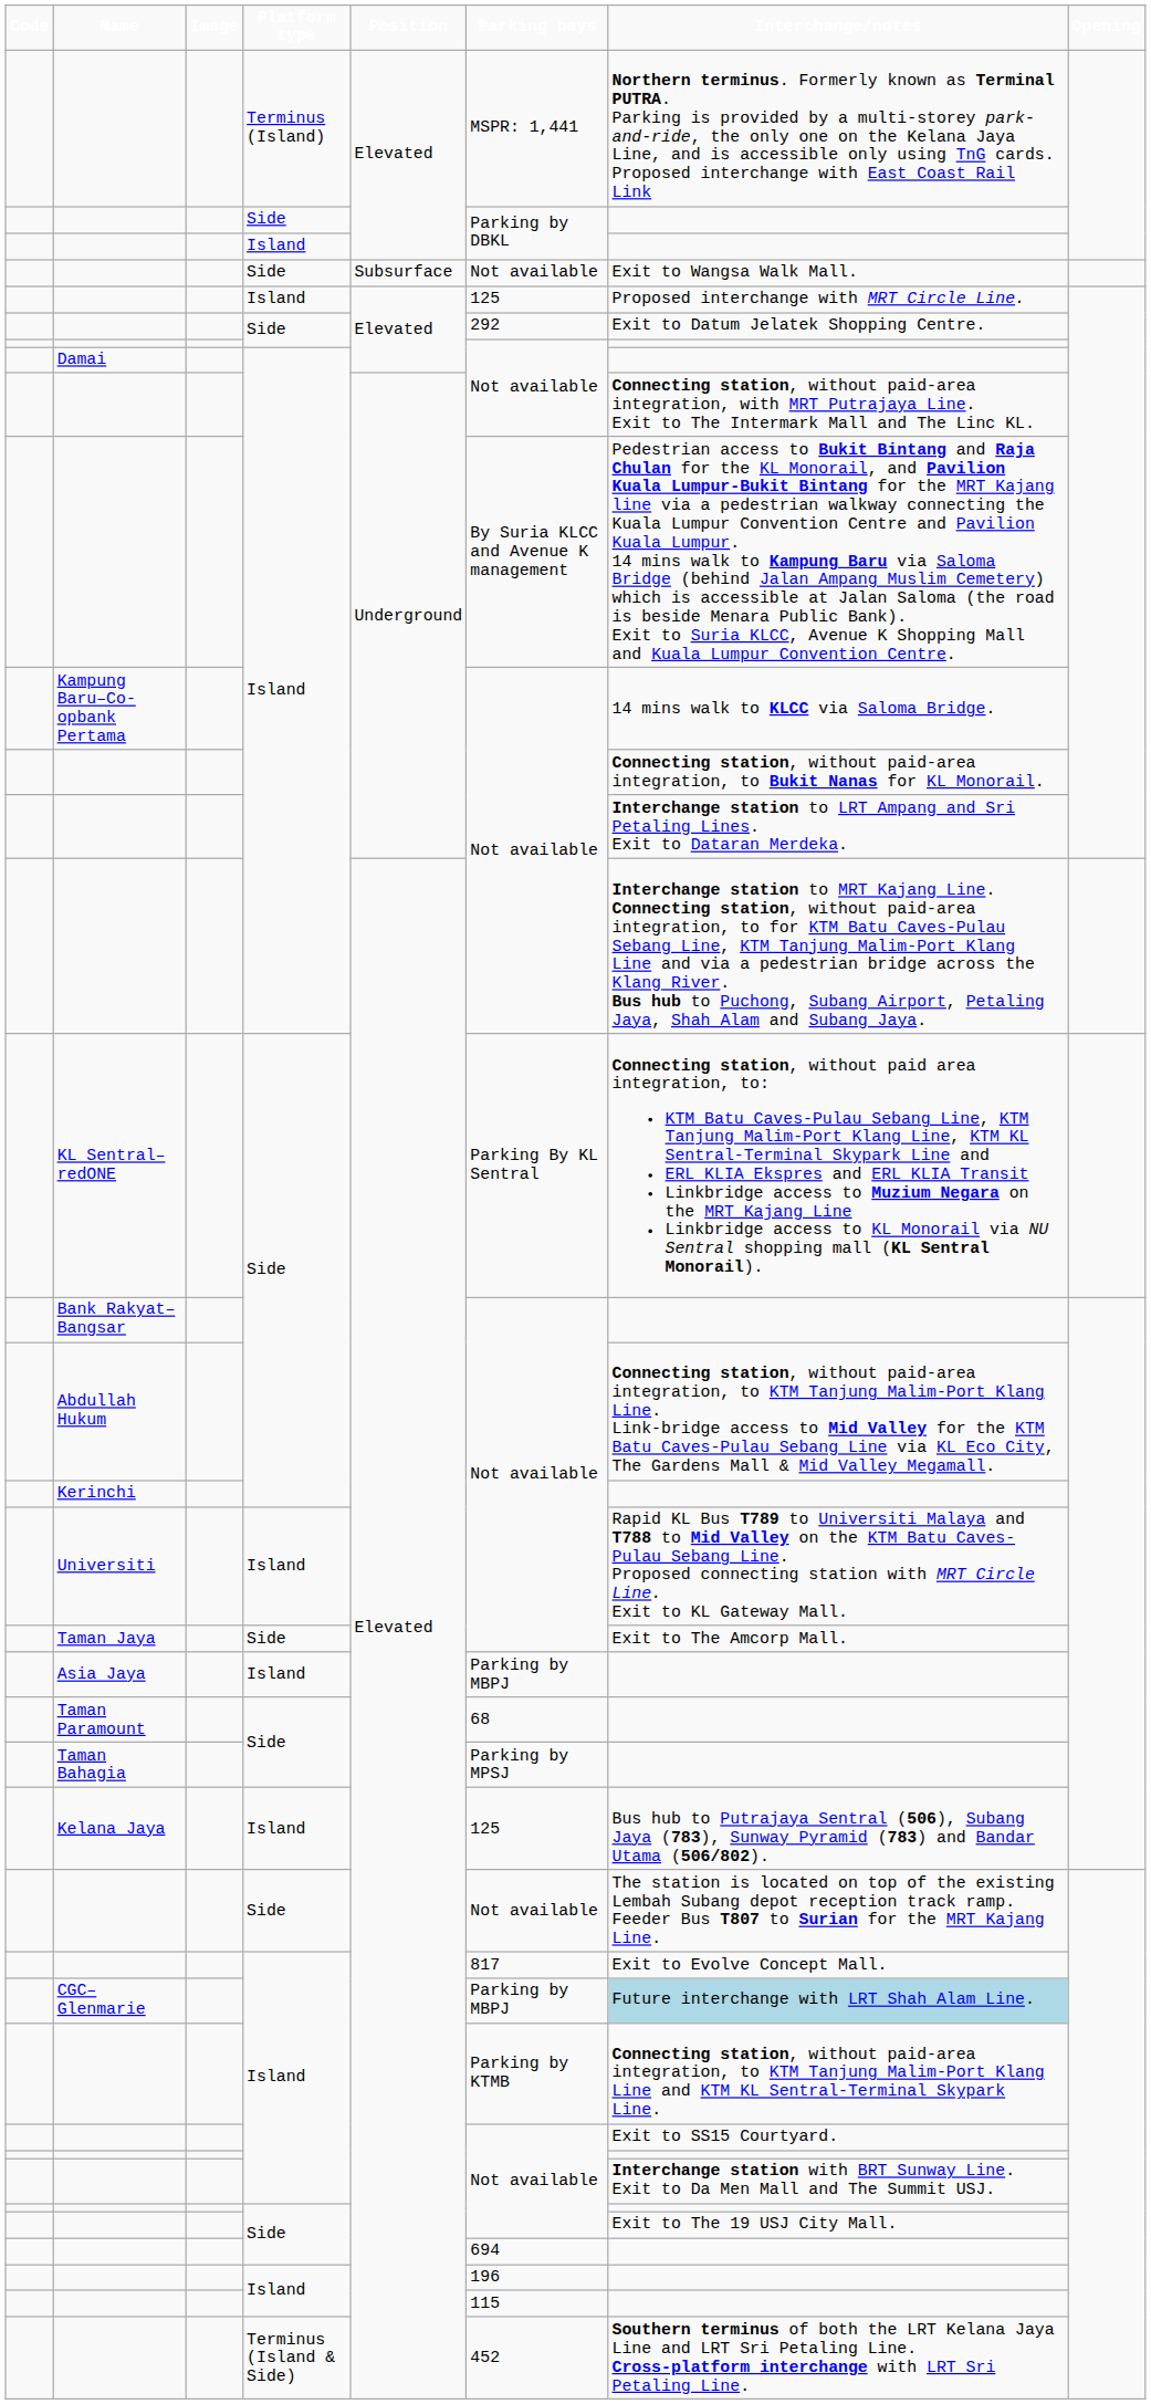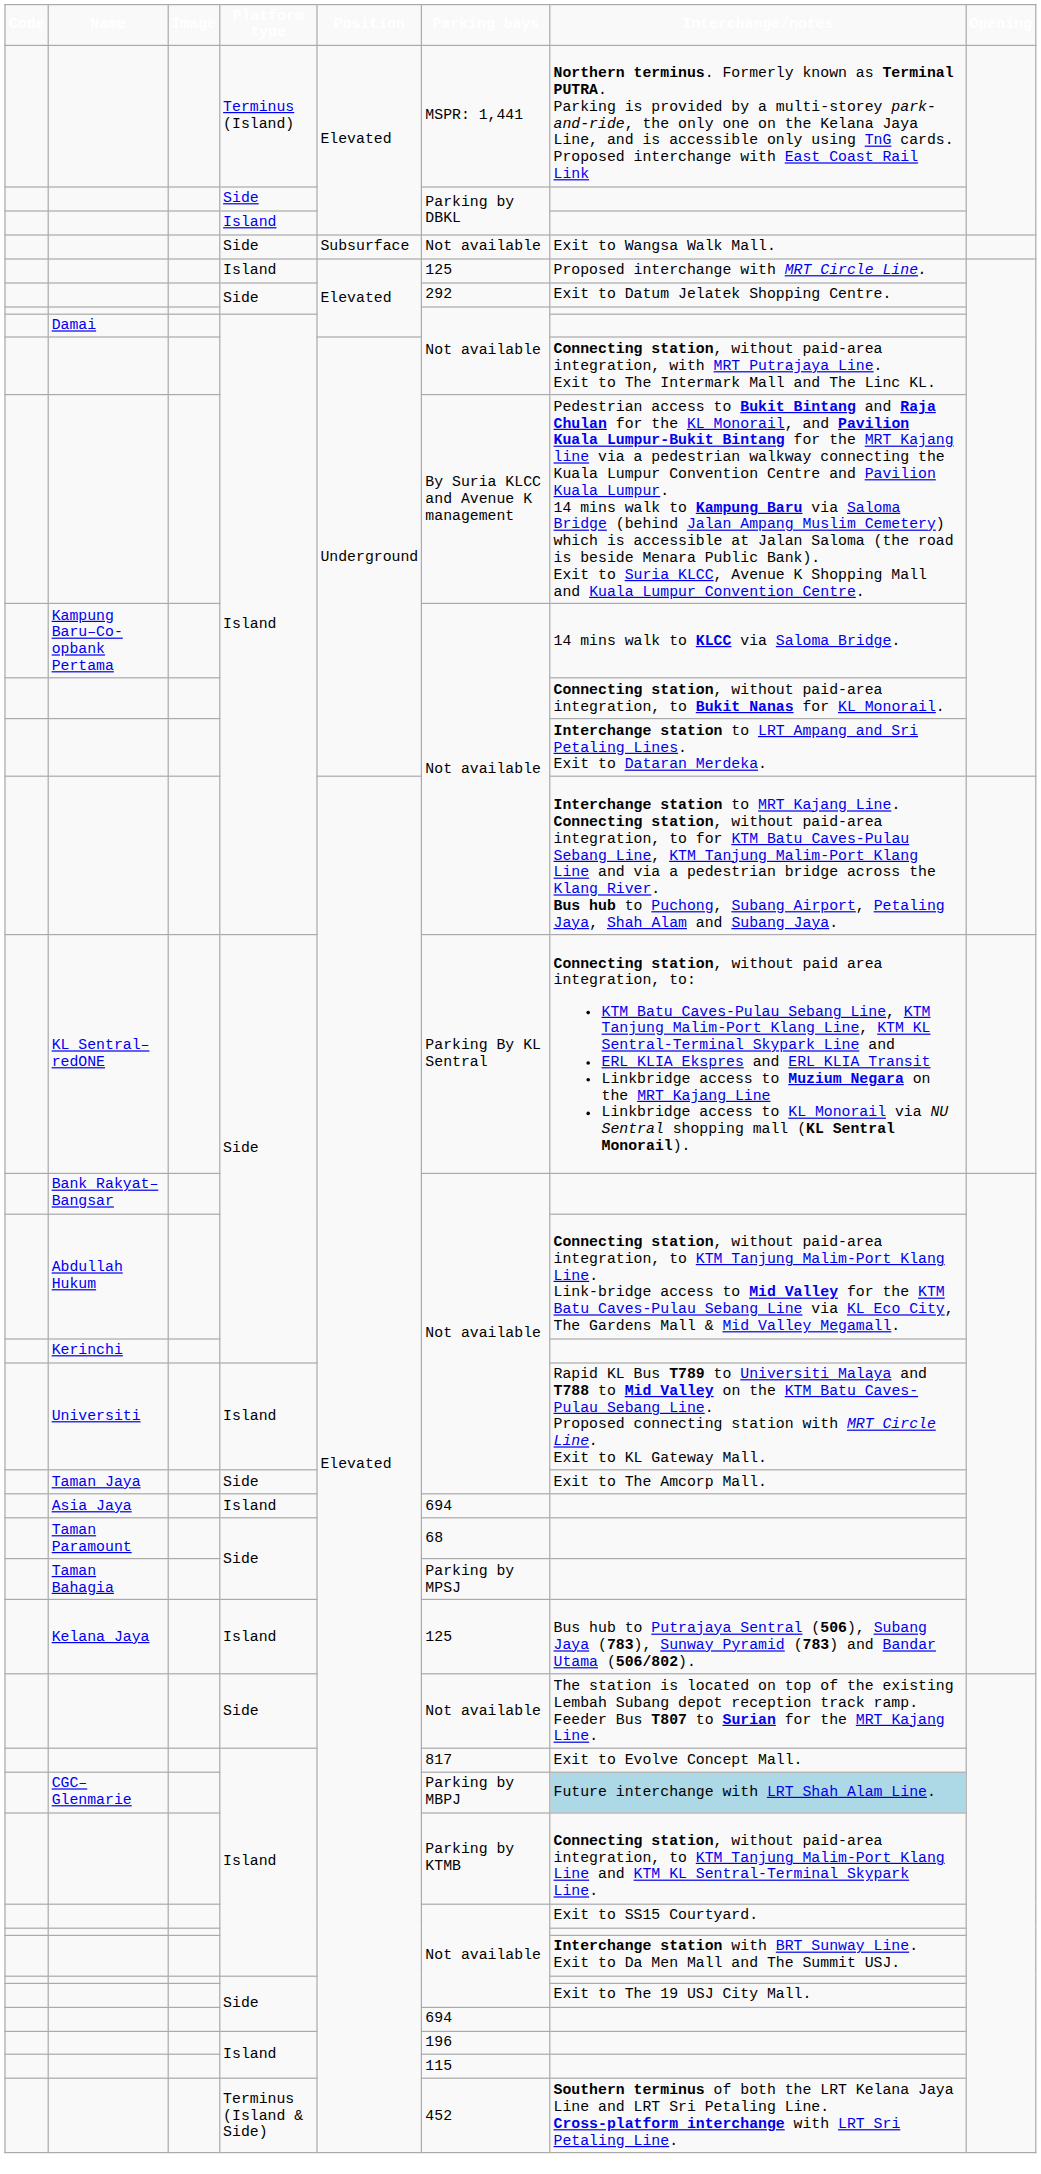 <table class="wikitable sortable" style="margin-left:1em; margin-bottom:1em; color:black; font-size:95%;">
 <tr align="center" style="color:white">
 <td><strong>Code</strong></td>
 <td><strong>Name</strong></td>
 <td><strong>Image</strong></td>
 <td><strong>Platform type</strong></td>
 <td><strong>Position</strong></td>
 <td><strong>Parking bays</strong></td>
 <td><strong>Interchange/notes</strong></td>
 <td><strong>Opening</strong></td>
 </tr>
 <tr>
 <td></td>
 <td><strong></strong></td>
 <td></td>
 <td><a href='#'>Terminus</a> (Island)</td>
 <td rowspan="3">Elevated</td>
 <td>MSPR: 1,441</td>
 <td><br><strong>Northern terminus</strong>. Formerly known as <strong>Terminal PUTRA</strong>.<br>Parking is provided by a multi-storey <em>park-and-ride</em>, the only one on the Kelana Jaya Line, and is accessible only using <a href='#'>TnG</a> cards.<br>Proposed interchange with  <a href='#'>East Coast Rail Link</a></td>
 <td rowspan="3"></td>
 </tr>
 <tr>
 <td></td>
 <td></td>
 <td></td>
 <td><a href='#'>Side</a></td>
 <td rowspan="2">Parking by DBKL</td>
 <td></td>
 </tr>
 <tr>
 <td></td>
 <td></td>
 <td></td>
 <td><a href='#'>Island</a></td>
 <td></td>
 </tr>
 <tr>
 <td></td>
 <td></td>
 <td></td>
 <td>Side</td>
 <td>Subsurface</td>
 <td>Not available</td>
 <td>Exit to Wangsa Walk Mall.</td>
 <td></td>
 </tr>
 <tr>
 <td></td>
 <td></td>
 <td></td>
 <td>Island</td>
 <td rowspan="4">Elevated</td>
 <td>125</td>
 <td>Proposed interchange with  <em><a href='#'>MRT Circle Line</a>.</em></td>
 <td rowspan="9"></td>
 </tr>
 <tr>
 <td></td>
 <td></td>
 <td></td>
 <td rowspan="2">Side</td>
 <td>292</td>
 <td>Exit to Datum Jelatek Shopping Centre.</td>
 </tr>
 <tr>
 <td></td>
 <td></td>
 <td></td>
 <td rowspan="3">Not available</td>
 <td></td>
 </tr>
 <tr>
 <td></td>
 <td><a href='#'>Damai</a></td>
 <td></td>
 <td rowspan="7">Island</td>
 <td></td>
 </tr>
 <tr>
 <td></td>
 <td></td>
 <td></td>
 <td rowspan="5">Underground</td>
 <td><strong>Connecting station</strong>, without paid-area integration, with  <a href='#'>MRT Putrajaya Line</a>.<br>Exit to The Intermark Mall and The Linc KL.</td>
 </tr>
 <tr>
 <td></td>
 <td></td>
 <td></td>
 <td>By Suria KLCC and Avenue K management</td>
 <td>Pedestrian access to  <strong><a href='#'>Bukit Bintang</a></strong> and  <a href='#'><strong>Raja Chulan</strong></a> for the <a href='#'>KL Monorail</a>, and  <a href='#'><strong>Pavilion Kuala Lumpur-Bukit Bintang</strong></a> for the <a href='#'>MRT Kajang line</a> via a pedestrian walkway connecting the Kuala Lumpur Convention Centre and <a href='#'>Pavilion Kuala Lumpur</a>.<br>14 mins walk to  <a href='#'><strong>Kampung Baru</strong></a> via <a href='#'>Saloma Bridge</a> (behind <a href='#'>Jalan Ampang Muslim Cemetery</a>) which is accessible at Jalan Saloma (the road is beside Menara Public Bank).<br>Exit to <a href='#'>Suria KLCC</a>, Avenue K Shopping Mall and <a href='#'>Kuala Lumpur Convention Centre</a>.</td>
 </tr>
 <tr>
 <td></td>
 <td><a href='#'>Kampung Baru–Co-opbank Pertama</a></td>
 <td></td>
 <td rowspan="4">Not available</td>
 <td>14 mins walk to  <a href='#'><strong>KLCC</strong></a> via <a href='#'>Saloma Bridge</a>.</td>
 </tr>
 <tr>
 <td></td>
 <td></td>
 <td></td>
 <td><strong>Connecting station</strong>, without paid-area integration, to  <a href='#'><strong>Bukit Nanas</strong></a> for <a href='#'>KL Monorail</a>.</td>
 </tr>
 <tr>
 <td></td>
 <td></td>
 <td></td>
 <td><strong>Interchange station</strong> to  <a href='#'>LRT Ampang and Sri Petaling Lines</a>.<br>Exit to <a href='#'>Dataran Merdeka</a>.</td>
 </tr>
 <tr>
 <td></td>
 <td></td>
 <td></td>
 <td rowspan="24">Elevated</td>
 <td><br><strong>Interchange station</strong> to  <a href='#'>MRT Kajang Line</a>.<br><strong>Connecting station</strong>, without paid-area integration, to  <strong></strong> for <a href='#'>KTM Batu Caves-Pulau Sebang Line</a>, <a href='#'>KTM Tanjung Malim-Port Klang Line</a> and  via a pedestrian bridge across the <a href='#'>Klang River</a>.<br><strong>Bus hub</strong> to <a href='#'>Puchong</a>, <a href='#'>Subang Airport</a>, <a href='#'>Petaling Jaya</a>, <a href='#'>Shah Alam</a> and <a href='#'>Subang Jaya</a>.</td>
 <td></td>
 </tr>
 <tr>
 <td></td>
 <td><a href='#'>KL Sentral–redONE</a></td>
 <td></td>
 <td rowspan="4">Side</td>
 <td>Parking By KL Sentral</td>
 <td><br><strong>Connecting</strong> <strong>station</strong>, without paid area integration, to:<ul><li> <a href='#'>KTM Batu Caves-Pulau Sebang Line</a>, <a href='#'>KTM Tanjung Malim-Port Klang Line</a>, <a href='#'>KTM KL Sentral-Terminal Skypark Line</a> and </li><li> <a href='#'>ERL KLIA Ekspres</a> and <a href='#'>ERL KLIA Transit</a></li><li>Linkbridge access to  <a href='#'><strong>Muzium Negara</strong></a> on the <a href='#'>MRT Kajang Line</a></li><li>Linkbridge access to  <a href='#'>KL Monorail</a> via <em>NU Sentral</em> shopping mall (<strong>KL Sentral Monorail</strong>).</li></ul></td>
 <td></td>
 </tr>
 <tr>
 <td></td>
 <td><a href='#'>Bank Rakyat–Bangsar</a></td>
 <td></td>
 <td rowspan="5">Not available</td>
 <td></td>
 <td rowspan="9"></td>
 </tr>
 <tr>
 <td></td>
 <td><a href='#'>Abdullah Hukum</a></td>
 <td></td>
 <td><br><strong>Connecting station</strong>, without paid-area integration, to  <a href='#'>KTM Tanjung Malim-Port Klang Line</a>.<br>Link-bridge access to  <strong><a href='#'>Mid Valley</a></strong> for the <a href='#'>KTM Batu Caves-Pulau Sebang Line</a> via <a href='#'>KL Eco City</a>, The Gardens Mall & <a href='#'>Mid Valley Megamall</a>.</td>
 </tr>
 <tr>
 <td></td>
 <td><a href='#'>Kerinchi</a></td>
 <td></td>
 <td></td>
 </tr>
 <tr>
 <td></td>
 <td><a href='#'>Universiti</a></td>
 <td></td>
 <td>Island</td>
 <td>Rapid KL Bus <strong>T789</strong> to <a href='#'>Universiti Malaya</a> and <strong>T788</strong> to  <a href='#'><strong>Mid Valley</strong></a> on the <a href='#'>KTM Batu Caves-Pulau Sebang Line</a>.<br>Proposed connecting station with  <em><a href='#'>MRT Circle Line</a>.</em><br>Exit to KL Gateway Mall.</td>
 </tr>
 <tr>
 <td></td>
 <td><a href='#'>Taman Jaya</a></td>
 <td></td>
 <td>Side</td>
 <td>Exit to The Amcorp Mall.</td>
 </tr>
 <tr>
 <td></td>
 <td><a href='#'>Asia Jaya</a></td>
 <td></td>
 <td>Island</td>
-<td>Parking by MBPJ</td>
+<td>694</td>
 <td></td>
 </tr>
 <tr>
 <td></td>
 <td><a href='#'>Taman Paramount</a></td>
 <td></td>
 <td rowspan="2">Side</td>
 <td>68</td>
 <td></td>
 </tr>
 <tr>
 <td></td>
 <td><a href='#'>Taman Bahagia</a></td>
 <td></td>
 <td>Parking by MPSJ</td>
 <td></td>
 </tr>
 <tr>
 <td></td>
 <td><a href='#'>Kelana Jaya</a></td>
 <td></td>
 <td>Island</td>
 <td>125</td>
 <td><br>Bus hub to  <a href='#'>Putrajaya Sentral</a> (<strong>506</strong>), <a href='#'>Subang Jaya</a> (<strong>783</strong>), <a href='#'>Sunway Pyramid</a> (<strong>783</strong>) and <a href='#'>Bandar Utama</a> (<strong>506/802</strong>).</td>
 </tr>
 <tr>
 <td></td>
 <td></td>
 <td></td>
 <td>Side</td>
 <td>Not available</td>
 <td>The station is located on top of the existing Lembah Subang depot reception track ramp. <br>Feeder Bus <strong>T807</strong> to  <a href='#'><strong>Surian</strong></a> for the <a href='#'>MRT Kajang Line</a>.</td>
 <td rowspan="13"></td>
 </tr>
 <tr>
 <td></td>
 <td></td>
 <td></td>
 <td rowspan="6">Island</td>
 <td>817</td>
 <td>Exit to Evolve Concept Mall.</td>
 </tr>
 <tr>
 <td></td>
 <td><a href='#'>CGC–Glenmarie</a></td>
 <td></td>
 <td>Parking by MBPJ</td>
 <td style="background: lightblue;">Future interchange with  <a href='#'>LRT Shah Alam Line</a>.</td>
 </tr>
 <tr>
 <td></td>
 <td></td>
 <td></td>
 <td>Parking by KTMB</td>
 <td><br><strong>Connecting station</strong>, without paid-area integration, to  <a href='#'>KTM Tanjung Malim-Port Klang Line</a> and <a href='#'>KTM KL Sentral-Terminal Skypark Line</a>.</td>
 </tr>
 <tr>
 <td></td>
 <td></td>
 <td></td>
 <td rowspan="5">Not available</td>
 <td>Exit to SS15 Courtyard.</td>
 </tr>
 <tr>
 <td></td>
 <td></td>
 <td></td>
 <td></td>
 </tr>
 <tr>
 <td></td>
 <td></td>
 <td></td>
 <td><strong>Interchange station</strong> with  <a href='#'>BRT Sunway Line</a>.<br>Exit to Da Men Mall and The Summit USJ.</td>
 </tr>
 <tr>
 <td></td>
 <td></td>
 <td></td>
 <td rowspan="3">Side</td>
 <td></td>
 </tr>
 <tr>
 <td></td>
 <td></td>
 <td></td>
 <td>Exit to The 19 USJ City Mall.</td>
 </tr>
 <tr>
 <td></td>
 <td></td>
 <td></td>
 <td>694</td>
 <td></td>
 </tr>
 <tr>
 <td></td>
 <td></td>
 <td></td>
 <td rowspan="2">Island</td>
 <td>196</td>
 <td></td>
 </tr>
 <tr>
 <td></td>
 <td></td>
 <td></td>
 <td>115</td>
 <td></td>
 </tr>
 <tr>
 <td></td>
 <td><strong></strong></td>
 <td></td>
 <td>Terminus (Island & Side)</td>
 <td>452</td>
 <td><strong>Southern terminus</strong> of both the LRT Kelana Jaya Line and LRT Sri Petaling Line.<br><strong><a href='#'>Cross-platform interchange</a></strong> with  <a href='#'>LRT Sri Petaling Line</a>.</td>
 </tr>
 </table>
